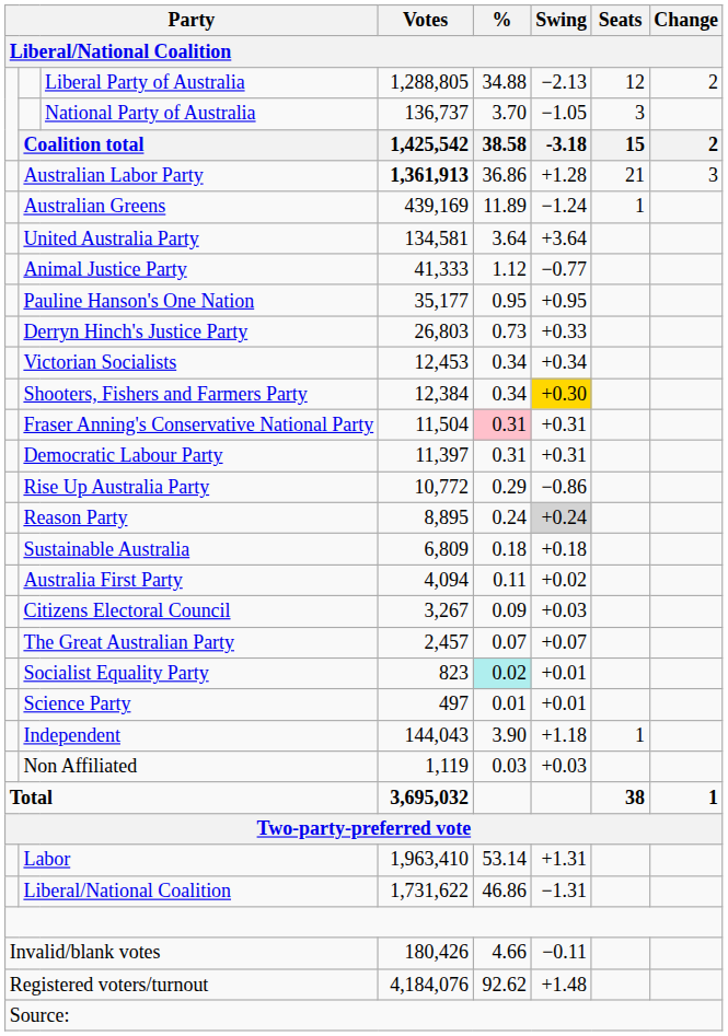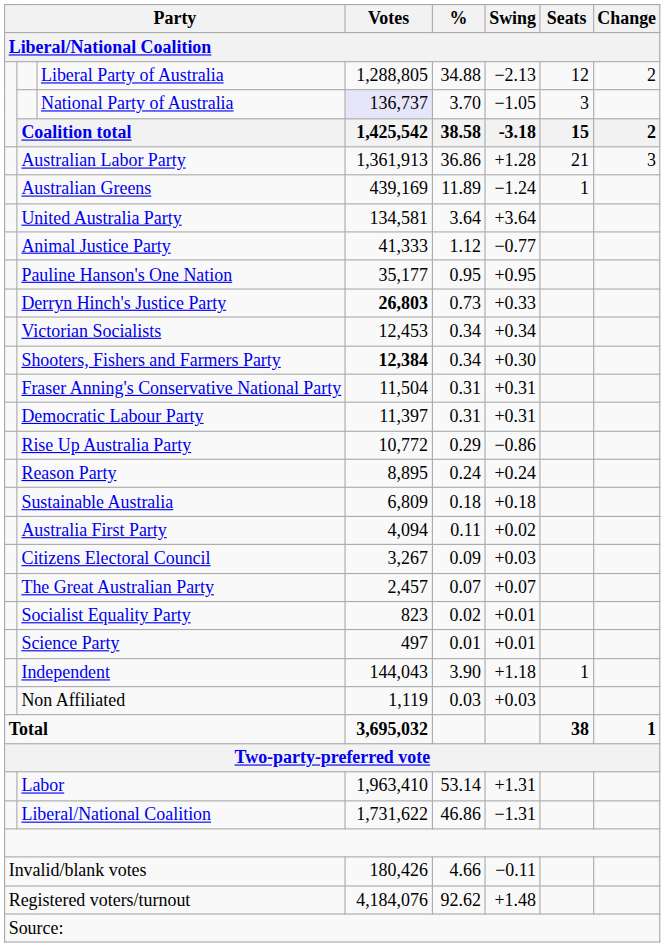 <table class="wikitable">
 <tr>
 <th style="width:200px" colspan=3>Party</th>
 <th style="width:70px; text-align:center;">Votes</th>
 <th style="width:40px; text-align:center;">%</th>
 <th style="width:40px; text-align:center;">Swing</th>
 <th style="width:40px; text-align:center;">Seats</th>
 <th style="width:40px; text-align:center;">Change</th>
 </tr>
 <tr>
 <th colspan="8" style="text-align:left;"><a href='#'>Liberal/National Coalition</a></th>
 </tr>
 <tr>
 <td rowspan="3"> </td>
 <td> </td>
 <td><a href='#'>Liberal Party of Australia</a></td>
 <td align="right">1,288,805</td>
 <td align="right">34.88</td>
 <td align="right">−2.13</td>
 <td align="right">12</td>
 <td align="right"> 2</td>
 </tr>
 <tr>
 <td> </td>
 <td><a href='#'>National Party of Australia</a></td>
-<td align="right">136,737</td>
+<td align="right" style="background: lavender;">136,737</td>
 <td align="right">3.70</td>
 <td align="right">−1.05</td>
 <td align="right">3</td>
 <td align="right"></td>
 </tr>
 <tr>
 <th colspan="2" style="text-align:left;"><a href='#'>Coalition total</a></th>
 <th style="text-align:right;">1,425,542</th>
 <th style="text-align:right;">38.58</th>
 <th style="text-align:right;">-3.18</th>
 <th style="text-align:right;">15</th>
 <th style="text-align:right;"> 2</th>
 </tr>
 <tr>
 <td> </td>
 <td colspan="2"><a href='#'>Australian Labor Party</a></td>
-<td align=right><strong>1,361,913</strong></td>
+<td align=right>1,361,913</td>
 <td align=right>36.86</td>
 <td align=right>+1.28</td>
 <td align=right>21</td>
 <td align=right> 3</td>
 </tr>
 <tr>
 <td> </td>
 <td colspan="2"><a href='#'>Australian Greens</a></td>
 <td align=right>439,169</td>
 <td align=right>11.89</td>
 <td align=right>−1.24</td>
 <td align=right>1</td>
 <td align=right></td>
 </tr>
 <tr>
 <td> </td>
 <td colspan="2"><a href='#'>United Australia Party</a></td>
 <td align=right>134,581</td>
 <td align=right>3.64</td>
 <td align=right>+3.64</td>
 <td align=right></td>
 <td align=right></td>
 </tr>
 <tr>
 <td> </td>
 <td colspan="2"><a href='#'>Animal Justice Party</a></td>
 <td align=right>41,333</td>
 <td align=right>1.12</td>
 <td align=right>−0.77</td>
 <td align=right></td>
 <td align=right></td>
 </tr>
 <tr>
 <td> </td>
 <td colspan="2"><a href='#'>Pauline Hanson's One Nation</a></td>
 <td align=right>35,177</td>
 <td align=right>0.95</td>
 <td align=right>+0.95</td>
 <td align=right></td>
 <td align=right></td>
 </tr>
 <tr>
 <td> </td>
 <td colspan="2"><a href='#'>Derryn Hinch's Justice Party</a></td>
-<td align=right>26,803</td>
+<td align=right><strong>26,803</strong></td>
 <td align=right>0.73</td>
 <td align=right>+0.33</td>
 <td align=right></td>
 <td align=right></td>
 </tr>
 <tr>
 <td> </td>
 <td colspan="2"><a href='#'>Victorian Socialists</a></td>
 <td align=right>12,453</td>
 <td align=right>0.34</td>
 <td align=right>+0.34</td>
 <td align=right></td>
 <td align=right></td>
 </tr>
 <tr>
 <td> </td>
 <td colspan="2"><a href='#'>Shooters, Fishers and Farmers Party</a></td>
-<td align=right>12,384</td>
+<td align=right><strong>12,384</strong></td>
 <td align=right>0.34</td>
-<td align=right style="background: gold;">+0.30</td>
+<td align=right>+0.30</td>
 <td align=right></td>
 <td align=right></td>
 </tr>
 <tr>
 <td> </td>
 <td colspan="2"><a href='#'>Fraser Anning's Conservative National Party</a></td>
 <td align=right>11,504</td>
-<td align=right style="background: pink;">0.31</td>
+<td align=right>0.31</td>
 <td align=right>+0.31</td>
 <td align=right></td>
 <td align=right></td>
 </tr>
 <tr>
 <td> </td>
 <td colspan="2"><a href='#'>Democratic Labour Party</a></td>
 <td align=right>11,397</td>
 <td align=right>0.31</td>
 <td align=right>+0.31</td>
 <td align=right></td>
 <td align=right></td>
 </tr>
 <tr>
 <td> </td>
 <td colspan="2"><a href='#'>Rise Up Australia Party</a></td>
 <td align=right>10,772</td>
 <td align=right>0.29</td>
 <td align=right>−0.86</td>
 <td align=right></td>
 <td align=right></td>
 </tr>
 <tr>
 <td> </td>
 <td colspan="2"><a href='#'>Reason Party</a></td>
 <td align=right>8,895</td>
 <td align=right>0.24</td>
-<td align=right style="background: lightgrey;">+0.24</td>
+<td align=right>+0.24</td>
 <td align=right></td>
 <td align=right></td>
 </tr>
 <tr>
 <td> </td>
 <td colspan="2"><a href='#'>Sustainable Australia</a></td>
 <td align=right>6,809</td>
 <td align=right>0.18</td>
 <td align=right>+0.18</td>
 <td align=right></td>
 <td align=right></td>
 </tr>
 <tr>
 <td> </td>
 <td colspan="2"><a href='#'>Australia First Party</a></td>
 <td align=right>4,094</td>
 <td align=right>0.11</td>
 <td align=right>+0.02</td>
 <td align=right></td>
 <td align=right></td>
 </tr>
 <tr>
 <td> </td>
 <td colspan="2"><a href='#'>Citizens Electoral Council</a></td>
 <td align=right>3,267</td>
 <td align=right>0.09</td>
 <td align=right>+0.03</td>
 <td align=right></td>
 <td align=right></td>
 </tr>
 <tr>
 <td> </td>
 <td colspan="2"><a href='#'>The Great Australian Party</a></td>
 <td align=right>2,457</td>
 <td align=right>0.07</td>
 <td align=right>+0.07</td>
 <td align=right></td>
 <td align=right></td>
 </tr>
 <tr>
 <td> </td>
 <td colspan="2"><a href='#'>Socialist Equality Party</a></td>
 <td align=right>823</td>
-<td align=right style="background: paleturquoise;">0.02</td>
+<td align=right>0.02</td>
 <td align=right>+0.01</td>
 <td align=right></td>
 <td align=right></td>
 </tr>
 <tr>
 <td> </td>
 <td colspan="2"><a href='#'>Science Party</a></td>
 <td align=right>497</td>
 <td align=right>0.01</td>
 <td align=right>+0.01</td>
 <td align=right></td>
 <td align=right></td>
 </tr>
 <tr>
 <td> </td>
 <td colspan="2"><a href='#'>Independent</a></td>
 <td align=right>144,043</td>
 <td align=right>3.90</td>
 <td align=right>+1.18</td>
 <td align=right>1</td>
 <td align=right></td>
 </tr>
 <tr>
 <td> </td>
 <td colspan="2">Non Affiliated</td>
 <td align=right>1,119</td>
 <td align=right>0.03</td>
 <td align=right>+0.03</td>
 <td align=right></td>
 <td align=right></td>
 </tr>
 <tr>
 <td colspan="3" align="left"><strong>Total</strong></td>
 <td align=right><strong>3,695,032</strong></td>
 <td align=right></td>
 <td align=right></td>
 <td align=right><strong>38</strong></td>
 <td align=right> <strong>1</strong></td>
 </tr>
 <tr>
 <th colspan="8"><a href='#'>Two-party-preferred vote</a></th>
 </tr>
 <tr>
 <td> </td>
 <td colspan="2" style="text-align:left;"><a href='#'>Labor</a></td>
 <td align=right>1,963,410</td>
 <td align=right>53.14</td>
 <td align=right>+1.31</td>
 <td align=right></td>
 <td align=right></td>
 </tr>
 <tr>
 <td> </td>
 <td colspan="2" style="text-align:left;"><a href='#'>Liberal/National Coalition</a></td>
 <td align=right>1,731,622</td>
 <td align=right>46.86</td>
 <td align=right>−1.31</td>
 <td align=right></td>
 <td align=right></td>
 </tr>
 <tr>
 <td colspan="8"> </td>
 </tr>
 <tr>
 <td colspan="3" align="left">Invalid/blank votes</td>
 <td align=right>180,426</td>
 <td align=right>4.66</td>
 <td align=right>−0.11</td>
 <td></td>
 <td></td>
 </tr>
 <tr>
 <td colspan="3" align="left">Registered voters/turnout</td>
 <td align=right>4,184,076</td>
 <td align=right>92.62</td>
 <td align=right>+1.48</td>
 <td></td>
 <td></td>
 </tr>
 <tr>
 <td colspan="8" align="left">Source: </td>
 </tr>
 </table>
